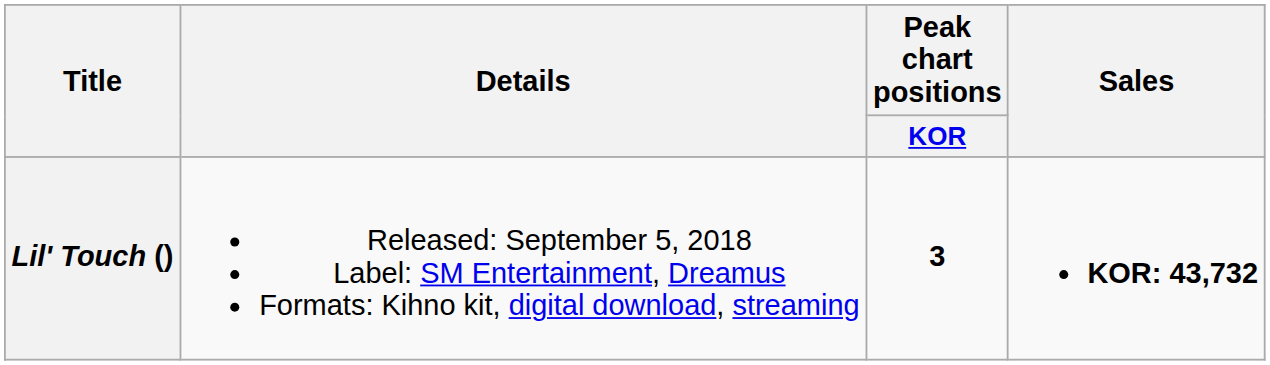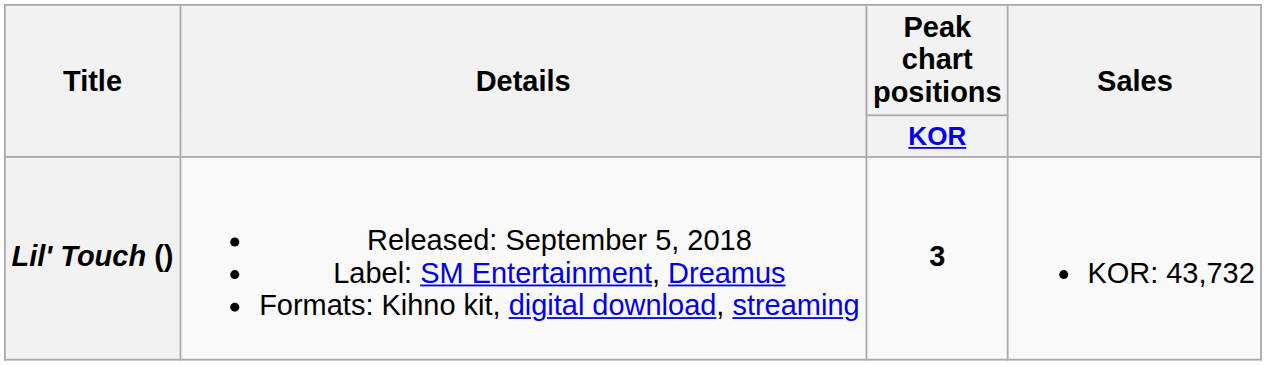 <table class="wikitable plainrowheaders" style="text-align:center">
 <tr>
 <th scope="col" rowspan="2">Title</th>
 <th scope="col" rowspan="2">Details</th>
 <th scope="col">Peak chart<br>positions</th>
 <th scope="col" rowspan="2">Sales</th>
 </tr>
 <tr>
 <th scope="col" style="font-size:90%; width:2.5em"><a href='#'>KOR</a><br></th>
 </tr>
 <tr>
 <th scope="row"><em>Lil' Touch</em> ()</th>
 <td><br><ul><li>Released: September 5, 2018</li><li>Label: <a href='#'>SM Entertainment</a>, <a href='#'>Dreamus</a></li><li>Formats: Kihno kit, <a href='#'>digital download</a>, <a href='#'>streaming</a></li></ul></td>
 <td><strong>3</strong></td>
-<td><strong><br><ul><li>KOR: 43,732 </li></ul></strong></td>
+<td><br><ul><li>KOR: 43,732 </li></ul></td>
 </tr>
 </table>
